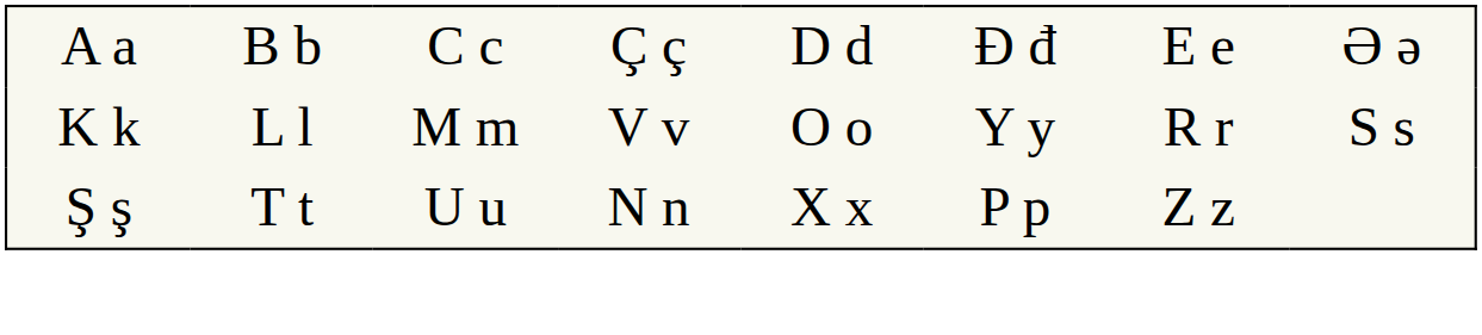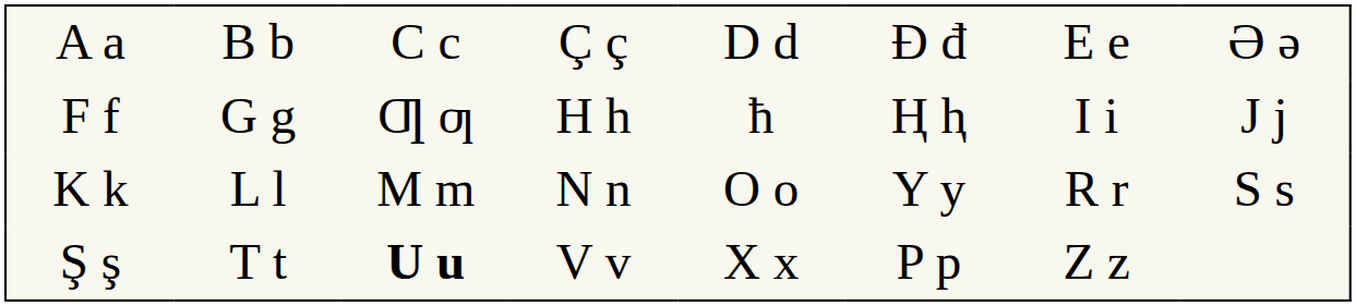 <table style="font-family:Arial Unicode MS; font-size:1.4em; border-color:#000000; border-width:1px; border-style:solid; border-collapse:collapse; background-color:#F8F8EF">
 <tr>
 <td style="width:3em; text-align:center; padding: 3px;">A a</td>
 <td style="width:3em; text-align:center; padding: 3px;">B b</td>
 <td style="width:3em; text-align:center; padding: 3px;">C c</td>
 <td style="width:3em; text-align:center; padding: 3px;">Ç ç</td>
 <td style="width:3em; text-align:center; padding: 3px;">D d</td>
 <td style="width:3em; text-align:center; padding: 3px;">Đ đ</td>
 <td style="width:3em; text-align:center; padding: 3px;">E e</td>
 <td style="width:3em; text-align:center; padding: 3px;">Ə ə</td>
 </tr>
 <tr>
+<td style="width:3em; text-align:center; padding: 3px;">F f</td>
+<td style="width:3em; text-align:center; padding: 3px;">G g</td>
+<td style="width:3em; text-align:center; padding: 3px;">Ƣ ƣ</td>
+<td style="width:3em; text-align:center; padding: 3px;">H h</td>
+<td style="width:3em; text-align:center; padding: 3px;"> ħ</td>
+<td style="width:3em; text-align:center; padding: 3px;">Ⱨ ⱨ</td>
+<td style="width:3em; text-align:center; padding: 3px;">I i</td>
+<td style="width:3em; text-align:center; padding: 3px;">J j</td>
+</tr>
+<tr>
 <td style="width:3em; text-align:center; padding: 3px;">K k</td>
 <td style="width:3em; text-align:center; padding: 3px;">L l</td>
 <td style="width:3em; text-align:center; padding: 3px;">M m</td>
-<td style="width:3em; text-align:center; padding: 3px;">V v</td>
+<td style="width:3em; text-align:center; padding: 3px;">N n</td>
 <td style="width:3em; text-align:center; padding: 3px;">O o</td>
 <td style="width:3em; text-align:center; padding: 3px;">Y y</td>
 <td style="width:3em; text-align:center; padding: 3px;">R r</td>
 <td style="width:3em; text-align:center; padding: 3px;">S s</td>
 </tr>
 <tr>
 <td style="width:3em; text-align:center; padding: 3px;">Ş ş</td>
 <td style="width:3em; text-align:center; padding: 3px;">T t</td>
-<td style="width:3em; text-align:center; padding: 3px;">U u</td>
-<td style="width:3em; text-align:center; padding: 3px;">N n</td>
+<td style="width:3em; text-align:center; padding: 3px;"><strong>U u</strong></td>
+<td style="width:3em; text-align:center; padding: 3px;">V v</td>
 <td style="width:3em; text-align:center; padding: 3px;">X x</td>
 <td style="width:3em; text-align:center; padding: 3px;">P p</td>
 <td style="width:3em; text-align:center; padding: 3px;">Z z</td>
 </tr>
 </table>
